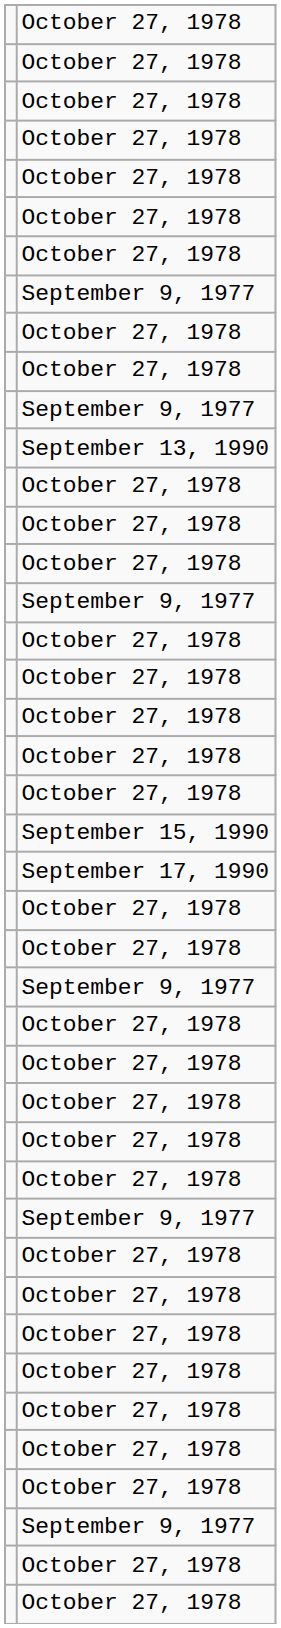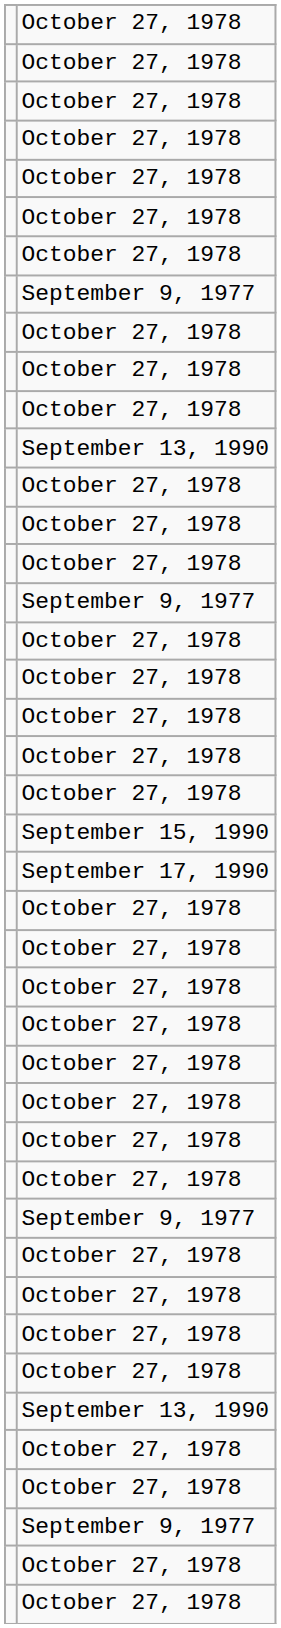 <table class="wikitable floatright" style="font-size: 0.9em;">
 <tr>
 <td></td>
 <td>October 27, 1978</td>
 </tr>
 <tr>
 <td></td>
 <td>October 27, 1978</td>
 </tr>
 <tr>
 <td></td>
 <td>October 27, 1978</td>
 </tr>
 <tr>
 <td></td>
 <td>October 27, 1978</td>
 </tr>
 <tr>
 <td></td>
 <td>October 27, 1978</td>
 </tr>
 <tr>
 <td></td>
 <td>October 27, 1978</td>
 </tr>
 <tr>
 <td></td>
 <td>October 27, 1978</td>
 </tr>
 <tr>
 <td></td>
 <td>September 9, 1977</td>
 </tr>
 <tr>
 <td></td>
 <td>October 27, 1978</td>
 </tr>
 <tr>
 <td></td>
 <td>October 27, 1978</td>
 </tr>
 <tr>
 <td></td>
-<td>September 9, 1977</td>
+<td>October 27, 1978</td>
 </tr>
 <tr>
 <td></td>
 <td>September 13, 1990</td>
 </tr>
 <tr>
 <td></td>
 <td>October 27, 1978</td>
 </tr>
 <tr>
 <td></td>
 <td>October 27, 1978</td>
 </tr>
 <tr>
 <td></td>
 <td>October 27, 1978</td>
 </tr>
 <tr>
 <td></td>
 <td>September 9, 1977</td>
 </tr>
 <tr>
 <td></td>
 <td>October 27, 1978</td>
 </tr>
 <tr>
 <td></td>
 <td>October 27, 1978</td>
 </tr>
 <tr>
 <td></td>
 <td>October 27, 1978</td>
 </tr>
 <tr>
 <td></td>
 <td>October 27, 1978</td>
 </tr>
 <tr>
 <td></td>
 <td>October 27, 1978</td>
 </tr>
 <tr>
 <td></td>
 <td>September 15, 1990</td>
 </tr>
 <tr>
 <td></td>
 <td>September 17, 1990</td>
 </tr>
 <tr>
 <td></td>
 <td>October 27, 1978</td>
 </tr>
 <tr>
 <td></td>
 <td>October 27, 1978</td>
 </tr>
 <tr>
 <td></td>
-<td>September 9, 1977</td>
+<td>October 27, 1978</td>
 </tr>
 <tr>
 <td></td>
 <td>October 27, 1978</td>
 </tr>
 <tr>
 <td></td>
 <td>October 27, 1978</td>
 </tr>
 <tr>
 <td></td>
 <td>October 27, 1978</td>
 </tr>
 <tr>
 <td></td>
 <td>October 27, 1978</td>
 </tr>
 <tr>
 <td></td>
 <td>October 27, 1978</td>
 </tr>
 <tr>
 <td></td>
 <td>September 9, 1977</td>
 </tr>
 <tr>
 <td></td>
 <td>October 27, 1978</td>
 </tr>
 <tr>
 <td></td>
 <td>October 27, 1978</td>
 </tr>
 <tr>
 <td></td>
 <td>October 27, 1978</td>
 </tr>
 <tr>
 <td></td>
 <td>October 27, 1978</td>
 </tr>
 <tr>
 <td></td>
-<td>October 27, 1978</td>
+<td>September 13, 1990</td>
 </tr>
 <tr>
 <td></td>
 <td>October 27, 1978</td>
 </tr>
 <tr>
 <td></td>
 <td>October 27, 1978</td>
 </tr>
 <tr>
 <td></td>
 <td>September 9, 1977</td>
 </tr>
 <tr>
 <td></td>
 <td>October 27, 1978</td>
 </tr>
 <tr>
 <td></td>
 <td>October 27, 1978</td>
 </tr>
 </table>
